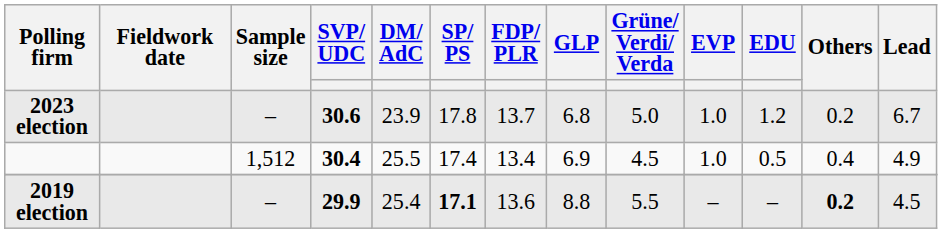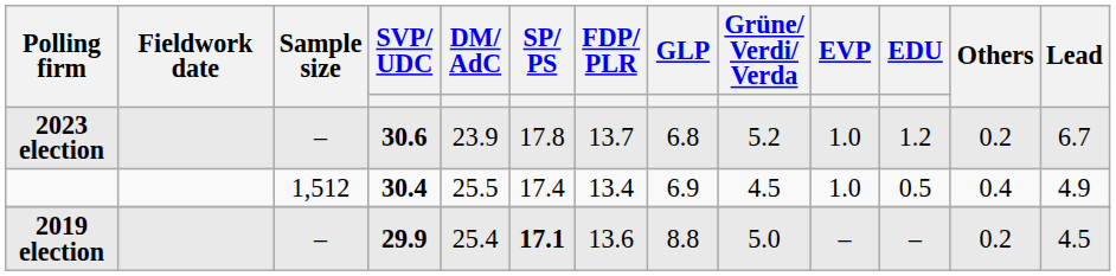 <table class="wikitable sortable" style="text-align:center;font-size:90%;line-height:14px;">
 <tr style="height:40px;">
 <th style="width:80px;" rowspan="2">Polling firm</th>
 <th style="width:130px;" rowspan="2">Fieldwork date</th>
 <th style="width:35px;" rowspan="2">Sample<br>size</th>
 <th class="unsortable" style="width:40px;"><a href='#'>SVP/<br>UDC</a></th>
 <th class="unsortable" style="width:40px;"><a href='#'>DM/<br>AdC</a></th>
 <th class="unsortable" style="width:40px;"><a href='#'>SP/<br>PS</a></th>
 <th class="unsortable" style="width:40px;"><a href='#'>FDP/<br>PLR</a></th>
 <th class="unsortable" style="width:40px;"><a href='#'>GLP</a></th>
 <th class="unsortable" style="width:40px;"><a href='#'>Grüne/<br>Verdi/<br>Verda</a></th>
 <th class="unsortable" style="width:40px;"><a href='#'>EVP</a></th>
 <th class="unsortable" style="width:40px;"><a href='#'>EDU</a></th>
 <th class="unsortable" style="width:30px;" rowspan="2">Others</th>
 <th style="width:30px;" rowspan="2">Lead</th>
 </tr>
 <tr>
 <th style="background:"></th>
 <th style="background:"></th>
 <th style="background:"></th>
 <th style="background:"></th>
 <th style="background:"></th>
 <th style="background:"></th>
 <th style="background:"></th>
 <th style="background:"></th>
 </tr>
 <tr style="background:#E9E9E9;">
 <td><strong>2023 election</strong></td>
 <td></td>
 <td>–</td>
 <td style="background:#"><strong>30.6</strong></td>
 <td>23.9</td>
 <td>17.8</td>
 <td>13.7</td>
 <td>6.8</td>
-<td>5.0</td>
+<td>5.2</td>
 <td>1.0</td>
 <td>1.2</td>
 <td>0.2</td>
 <td style="background:">6.7</td>
 </tr>
 <tr>
 <td></td>
 <td></td>
 <td>1,512</td>
 <td style="background:#"><strong>30.4</strong></td>
 <td>25.5</td>
 <td>17.4</td>
 <td>13.4</td>
 <td>6.9</td>
 <td>4.5</td>
 <td>1.0</td>
 <td>0.5</td>
 <td>0.4</td>
 <td style="background:">4.9</td>
 </tr>
 <tr>
 </tr>
 <tr style="background:#E9E9E9;">
 <td><strong>2019 election</strong></td>
 <td></td>
 <td>–</td>
 <td style="background:#"><strong>29.9</strong></td>
 <td>25.4</td>
 <td><strong>17.1</strong></td>
 <td>13.6</td>
 <td>8.8</td>
-<td>5.5</td>
+<td>5.0</td>
 <td>–</td>
 <td>–</td>
-<td><strong>0.2</strong></td>
+<td>0.2</td>
 <td style="background:">4.5</td>
 </tr>
 </table>
